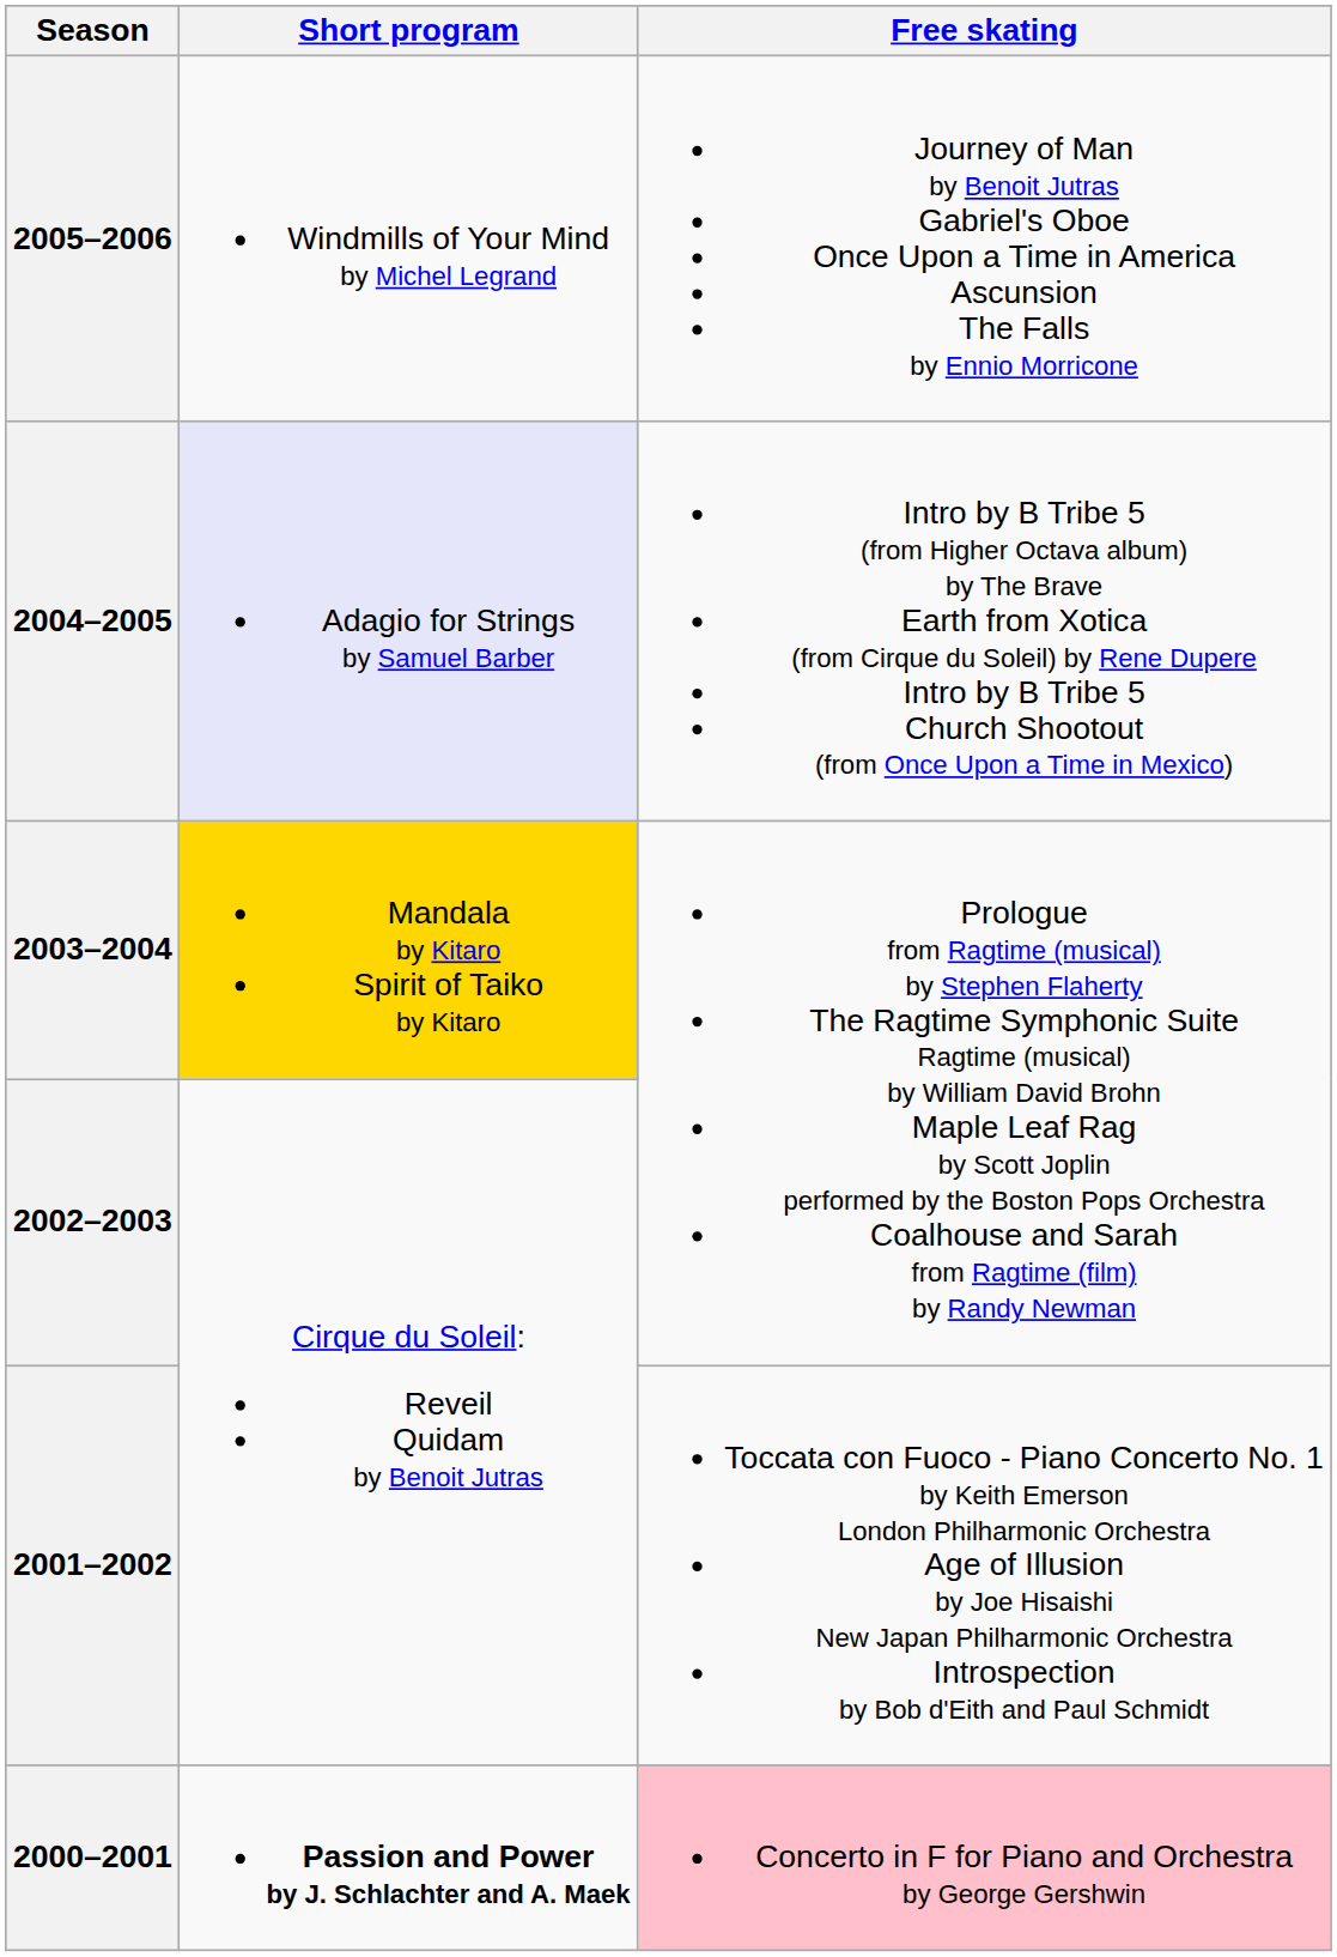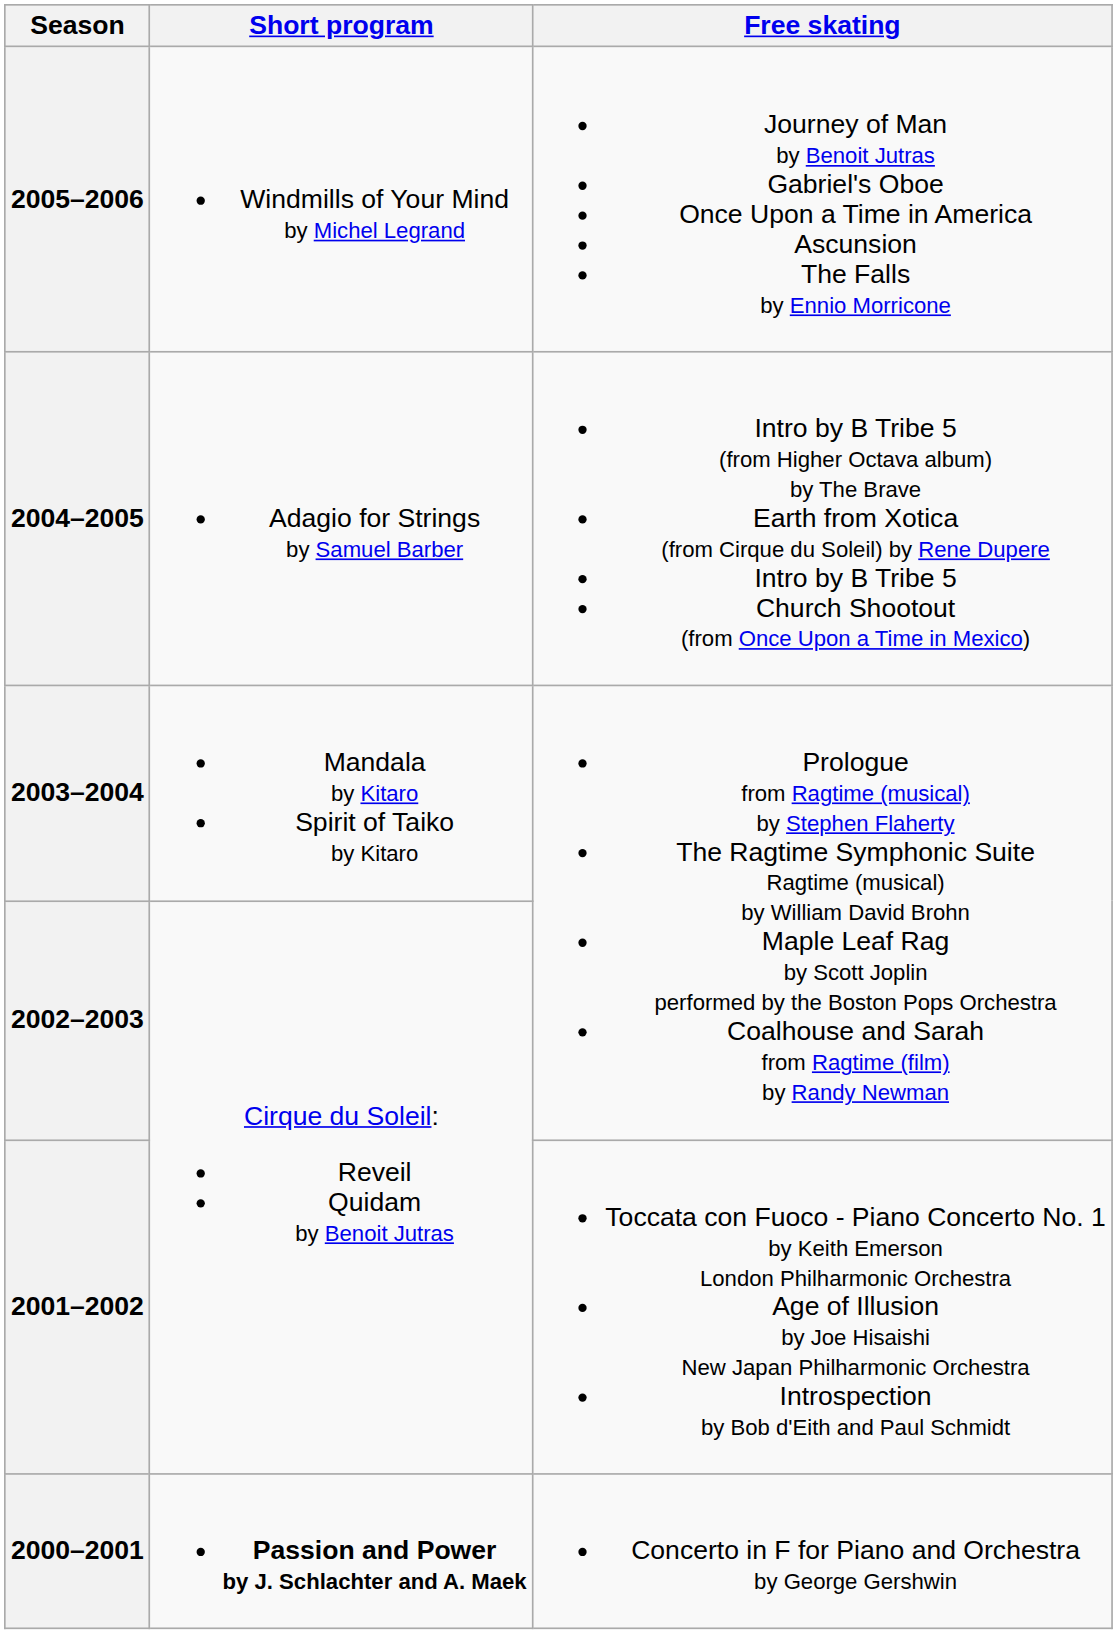 <table class="wikitable" style="text-align:center">
 <tr>
 <th>Season</th>
 <th><a href='#'>Short program</a></th>
 <th><a href='#'>Free skating</a></th>
 </tr>
 <tr>
 <th>2005–2006 <br> </th>
 <td><br><ul><li>Windmills of Your Mind <br><small> by <a href='#'>Michel Legrand</a> </small></li></ul></td>
 <td><br><ul><li>Journey of Man <br><small> by <a href='#'>Benoit Jutras</a> </small></li><li>Gabriel's Oboe</li><li>Once Upon a Time in America</li><li>Ascunsion</li><li>The Falls <br><small> by <a href='#'>Ennio Morricone</a> </small></li></ul></td>
 </tr>
 <tr>
 <th>2004–2005 <br> </th>
-<td style="background: lavender;"><br><ul><li>Adagio for Strings <br><small> by <a href='#'>Samuel Barber</a> </small></li></ul></td>
+<td><br><ul><li>Adagio for Strings <br><small> by <a href='#'>Samuel Barber</a> </small></li></ul></td>
 <td><br><ul><li>Intro by B Tribe 5 <br><small> (from Higher Octava album) <br> by The Brave </small></li><li>Earth from Xotica <br><small> (from Cirque du Soleil) by <a href='#'>Rene Dupere</a> </small></li><li>Intro by B Tribe 5</li><li>Church Shootout <br><small> (from <a href='#'>Once Upon a Time in Mexico</a>) </small></li></ul></td>
 </tr>
 <tr>
 <th>2003–2004 <br> </th>
-<td style="background: gold;"><br><ul><li>Mandala <br><small> by <a href='#'>Kitaro</a> </small></li><li>Spirit of Taiko <br><small> by Kitaro </small></li></ul></td>
+<td><br><ul><li>Mandala <br><small> by <a href='#'>Kitaro</a> </small></li><li>Spirit of Taiko <br><small> by Kitaro </small></li></ul></td>
 <td rowspan=2><br><ul><li>Prologue <br><small> from <a href='#'>Ragtime (musical)</a> <br> by <a href='#'>Stephen Flaherty</a> </small></li><li>The Ragtime Symphonic Suite <br><small> Ragtime (musical) <br> by William David Brohn </small></li><li>Maple Leaf Rag <br><small> by Scott Joplin <br> performed by the Boston Pops Orchestra </small></li><li>Coalhouse and Sarah <br><small> from <a href='#'>Ragtime (film)</a> <br> by <a href='#'>Randy Newman</a> </small></li></ul></td>
 </tr>
 <tr>
 <th>2002–2003 <br> </th>
 <td rowspan=2><a href='#'>Cirque du Soleil</a>:<br><ul><li>Reveil</li><li>Quidam <br><small> by <a href='#'>Benoit Jutras</a> </small></li></ul></td>
 </tr>
 <tr>
 <th>2001–2002 <br> </th>
 <td><br><ul><li>Toccata con Fuoco - Piano Concerto No. 1 <br><small> by Keith Emerson <br> London Philharmonic Orchestra </small></li><li>Age of Illusion <br><small> by Joe Hisaishi <br> New Japan Philharmonic Orchestra </small></li><li>Introspection <br><small> by Bob d'Eith and Paul Schmidt </small></li></ul></td>
 </tr>
 <tr>
 <th>2000–2001 <br> </th>
 <td><strong><br><ul><li>Passion and Power <br><small> by J. Schlachter and A. Maek </small></li></ul></strong></td>
-<td style="background: pink;"><br><ul><li>Concerto in F for Piano and Orchestra <br><small> by George Gershwin </small></li></ul></td>
+<td><br><ul><li>Concerto in F for Piano and Orchestra <br><small> by George Gershwin </small></li></ul></td>
 </tr>
 </table>
